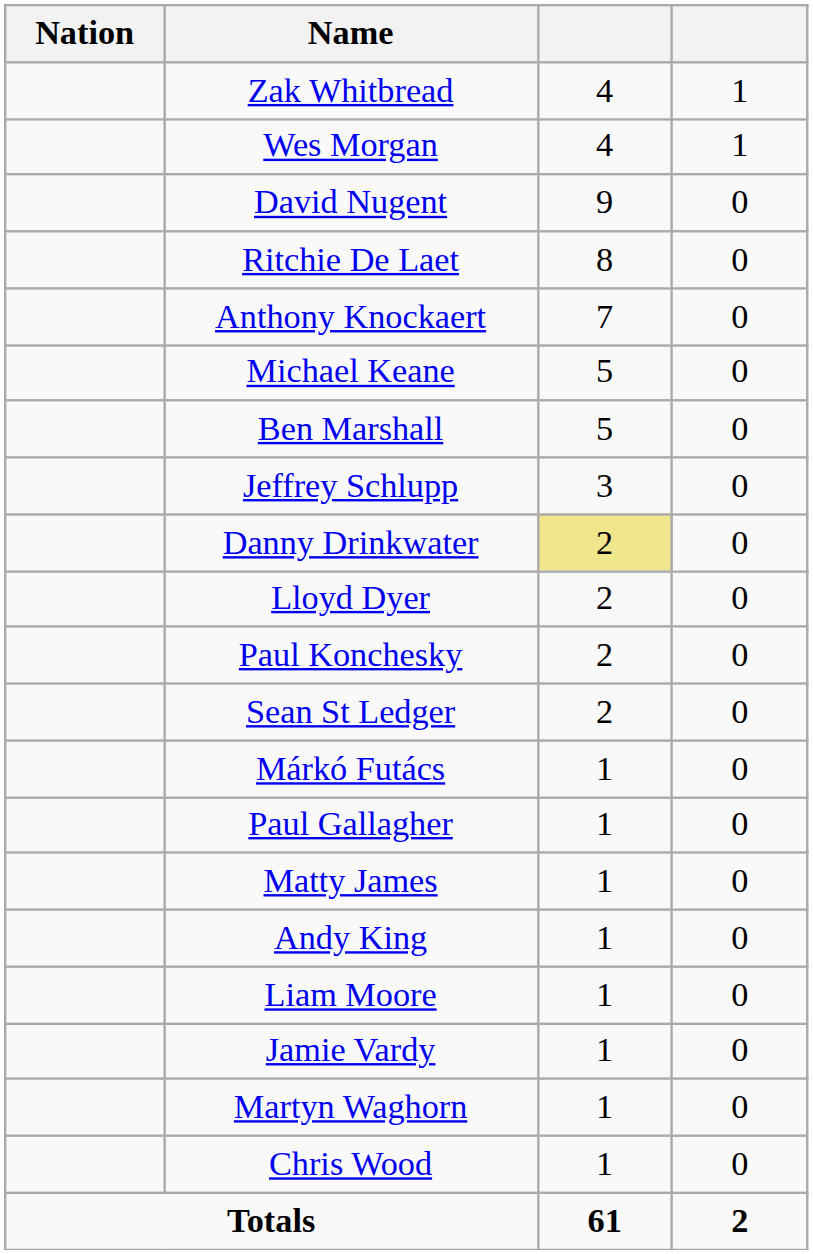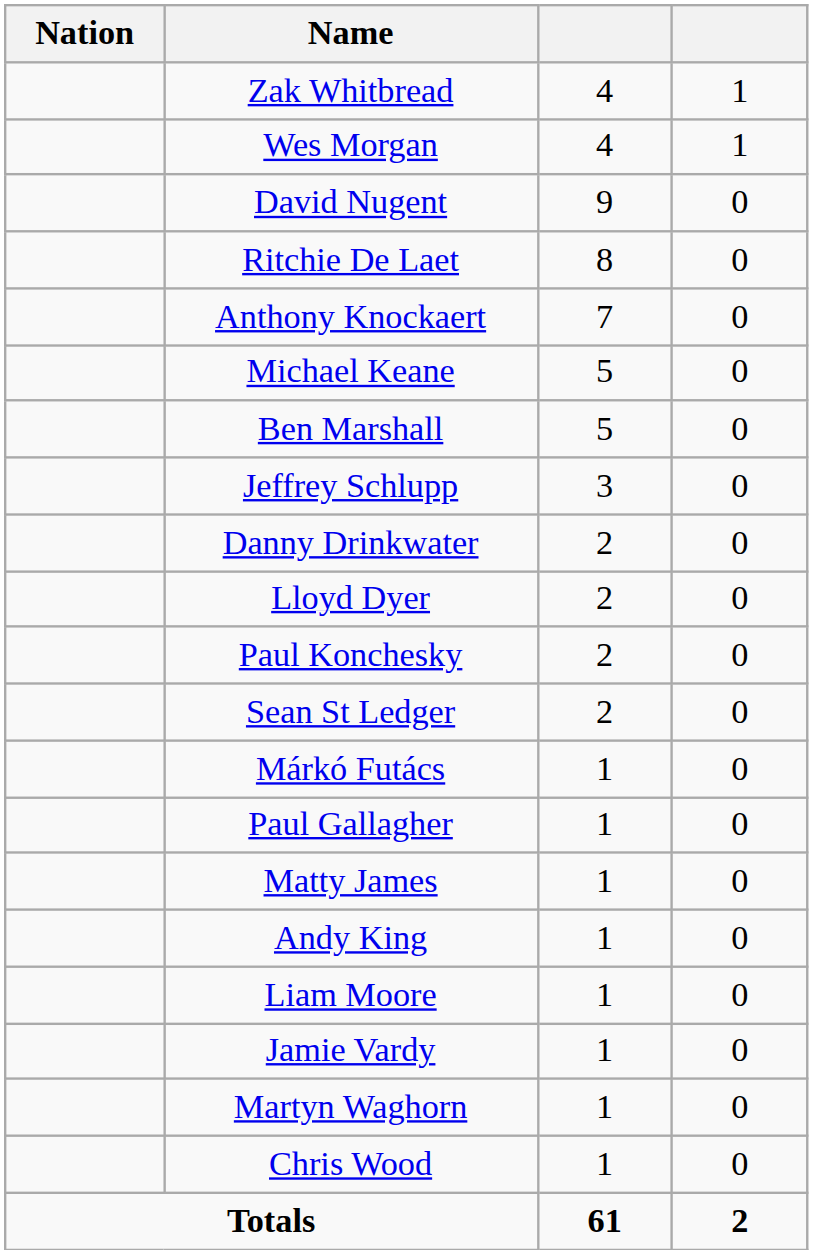 <table class="wikitable" style="font-size: 90%; text-align: center">
 <tr>
 <th width=60>Nation</th>
 <th width=150>Name</th>
 <th width=50></th>
 <th width=50></th>
 </tr>
 <tr>
 <td></td>
 <td><a href='#'>Zak Whitbread</a></td>
 <td>4</td>
 <td>1</td>
 </tr>
 <tr>
 <td></td>
 <td><a href='#'>Wes Morgan</a></td>
 <td>4</td>
 <td>1</td>
 </tr>
 <tr>
 <td></td>
 <td><a href='#'>David Nugent</a></td>
 <td>9</td>
 <td>0</td>
 </tr>
 <tr>
 <td></td>
 <td><a href='#'>Ritchie De Laet</a></td>
 <td>8</td>
 <td>0</td>
 </tr>
 <tr>
 <td></td>
 <td><a href='#'>Anthony Knockaert</a></td>
 <td>7</td>
 <td>0</td>
 </tr>
 <tr>
 <td></td>
 <td><a href='#'>Michael Keane</a></td>
 <td>5</td>
 <td>0</td>
 </tr>
 <tr>
 <td></td>
 <td><a href='#'>Ben Marshall</a></td>
 <td>5</td>
 <td>0</td>
 </tr>
 <tr>
 <td></td>
 <td><a href='#'>Jeffrey Schlupp</a></td>
 <td>3</td>
 <td>0</td>
 </tr>
 <tr>
 <td></td>
 <td><a href='#'>Danny Drinkwater</a></td>
-<td style="background: khaki;">2</td>
+<td>2</td>
 <td>0</td>
 </tr>
 <tr>
 <td></td>
 <td><a href='#'>Lloyd Dyer</a></td>
 <td>2</td>
 <td>0</td>
 </tr>
 <tr>
 <td></td>
 <td><a href='#'>Paul Konchesky</a></td>
 <td>2</td>
 <td>0</td>
 </tr>
 <tr>
 <td></td>
 <td><a href='#'>Sean St Ledger</a></td>
 <td>2</td>
 <td>0</td>
 </tr>
 <tr>
 <td></td>
 <td><a href='#'>Márkó Futács</a></td>
 <td>1</td>
 <td>0</td>
 </tr>
 <tr>
 <td></td>
 <td><a href='#'>Paul Gallagher</a></td>
 <td>1</td>
 <td>0</td>
 </tr>
 <tr>
 <td></td>
 <td><a href='#'>Matty James</a></td>
 <td>1</td>
 <td>0</td>
 </tr>
 <tr>
 <td></td>
 <td><a href='#'>Andy King</a></td>
 <td>1</td>
 <td>0</td>
 </tr>
 <tr>
 <td></td>
 <td><a href='#'>Liam Moore</a></td>
 <td>1</td>
 <td>0</td>
 </tr>
 <tr>
 <td></td>
 <td><a href='#'>Jamie Vardy</a></td>
 <td>1</td>
 <td>0</td>
 </tr>
 <tr>
 <td></td>
 <td><a href='#'>Martyn Waghorn</a></td>
 <td>1</td>
 <td>0</td>
 </tr>
 <tr>
 <td></td>
 <td><a href='#'>Chris Wood</a></td>
 <td>1</td>
 <td>0</td>
 </tr>
 <tr>
 <td colspan="2"><strong>Totals</strong></td>
 <td><strong>61</strong></td>
 <td><strong>2</strong></td>
 </tr>
 </table>
